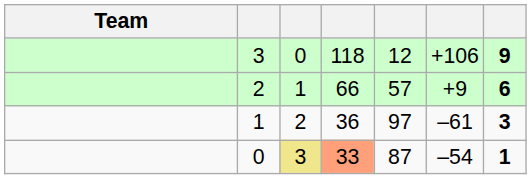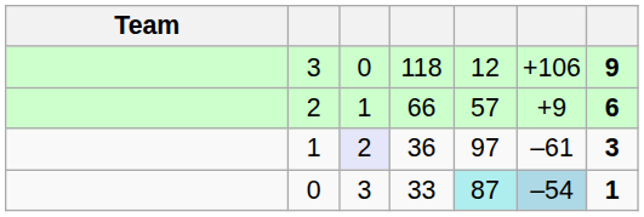 <table class="wikitable" style="text-align:center;">
 <tr>
 <th style="width:10.5em;">Team</th>
 <th style="width:1.5em;"></th>
 <th style="width:1.5em;"></th>
 <th style="width:2.0em;"></th>
 <th style="width:2.0em;"></th>
 <th style="width:2.0em;"></th>
 <th style="width:1.5em;"></th>
 </tr>
 <tr bgcolor=#cfc>
 <td align="left"></td>
 <td>3</td>
 <td>0</td>
 <td>118</td>
 <td>12</td>
 <td>+106</td>
 <td><strong>9</strong></td>
 </tr>
 <tr bgcolor=#cfc>
 <td align="left"></td>
 <td>2</td>
 <td>1</td>
 <td>66</td>
 <td>57</td>
 <td>+9</td>
 <td><strong>6</strong></td>
 </tr>
 <tr>
 <td align="left"></td>
 <td>1</td>
-<td>2</td>
+<td style="background: lavender;">2</td>
 <td>36</td>
 <td>97</td>
 <td>–61</td>
 <td><strong>3</strong></td>
 </tr>
 <tr>
 <td align="left"></td>
 <td>0</td>
-<td style="background: khaki;">3</td>
-<td style="background: lightsalmon;">33</td>
-<td>87</td>
-<td>–54</td>
+<td>3</td>
+<td>33</td>
+<td style="background: paleturquoise;">87</td>
+<td style="background: lightblue;">–54</td>
 <td><strong>1</strong></td>
 </tr>
 </table>
